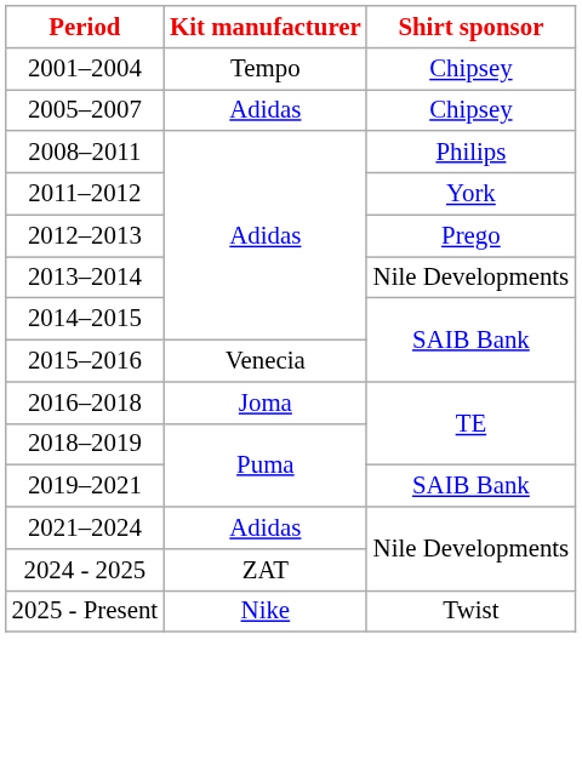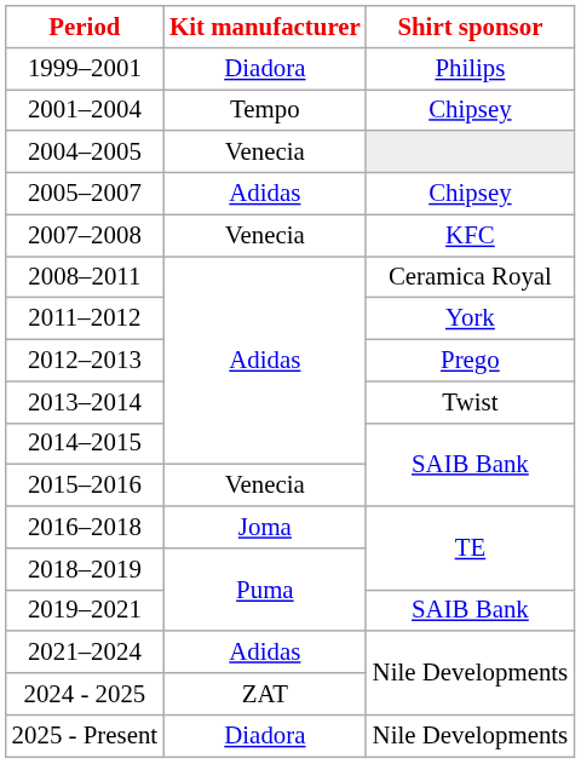 <table class="wikitable" style="background:transparent; text-align:center; white-space:nowrap; font-size:90%;">
 <tr>
 <th style="background:#FFFFFF; color:#E00; ">Period</th>
 <th style="background:#FFFFFF; color:#E00; ">Kit manufacturer</th>
 <th style="background:#FFFFFF; color:#E00; ">Shirt sponsor</th>
 </tr>
 <tr>
+<td>1999–2001</td>
+<td><a href='#'>Diadora</a></td>
+<td><a href='#'>Philips</a></td>
+</tr>
+<tr>
 <td>2001–2004</td>
 <td>Tempo</td>
 <td><a href='#'>Chipsey</a></td>
+</tr>
+<tr>
+<td>2004–2005</td>
+<td>Venecia</td>
+<td bgcolor=#eee></td>
 </tr>
 <tr>
 <td>2005–2007</td>
 <td><a href='#'>Adidas</a></td>
 <td><a href='#'>Chipsey</a></td>
 </tr>
 <tr>
+<td>2007–2008</td>
+<td>Venecia</td>
+<td><a href='#'>KFC</a></td>
+</tr>
+<tr>
 <td>2008–2011</td>
 <td rowspan=5><a href='#'>Adidas</a></td>
-<td><a href='#'>Philips</a></td>
+<td>Ceramica Royal</td>
 </tr>
 <tr>
 <td>2011–2012</td>
 <td><a href='#'>York</a></td>
 </tr>
 <tr>
 <td>2012–2013</td>
 <td><a href='#'>Prego</a></td>
 </tr>
 <tr>
 <td>2013–2014</td>
-<td>Nile Developments</td>
+<td>Twist</td>
 </tr>
 <tr>
 <td>2014–2015</td>
 <td rowspan=2><a href='#'>SAIB Bank</a></td>
 </tr>
 <tr>
 <td>2015–2016</td>
 <td>Venecia</td>
 </tr>
 <tr>
 <td>2016–2018</td>
 <td rowspan=1><a href='#'>Joma</a></td>
 <td rowspan=2><a href='#'>TE</a></td>
 </tr>
 <tr>
 <td>2018–2019</td>
 <td rowspan=2><a href='#'>Puma</a></td>
 </tr>
 <tr>
 <td>2019–2021</td>
 <td><a href='#'>SAIB Bank</a></td>
 </tr>
 <tr>
 <td>2021–2024</td>
 <td><a href='#'>Adidas</a></td>
 <td rowspan=2>Nile Developments</td>
 </tr>
 <tr>
 <td>2024 - 2025</td>
 <td>ZAT</td>
 </tr>
 <tr>
 <td>2025 - Present</td>
-<td><a href='#'>Nike</a></td>
-<td>Twist</td>
+<td><a href='#'>Diadora</a></td>
+<td>Nile Developments</td>
 </tr>
 </table>
